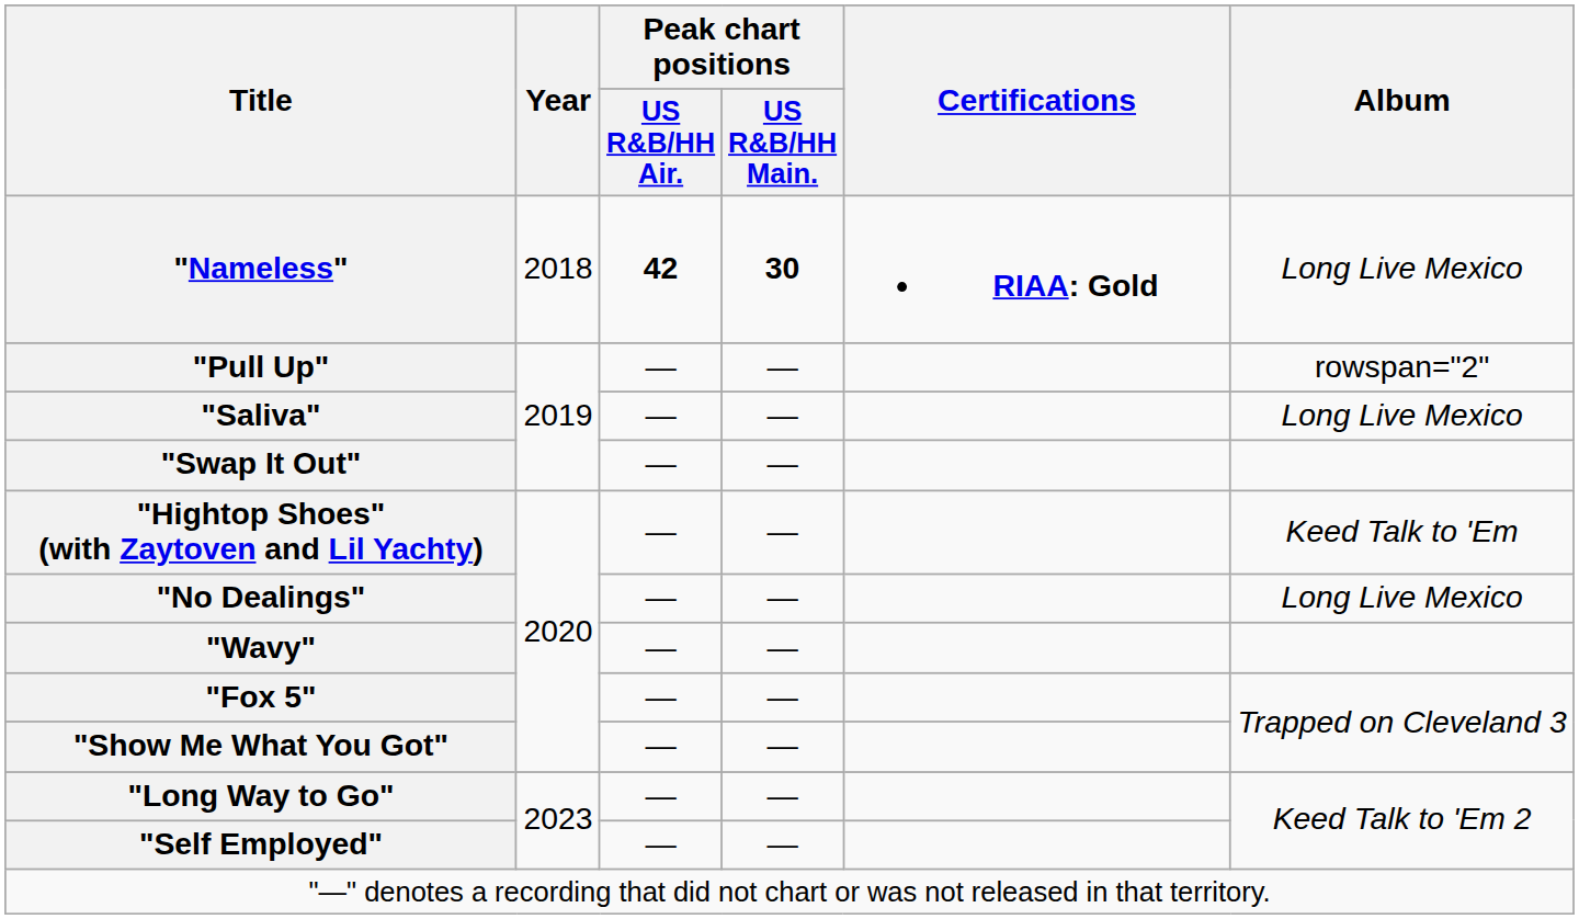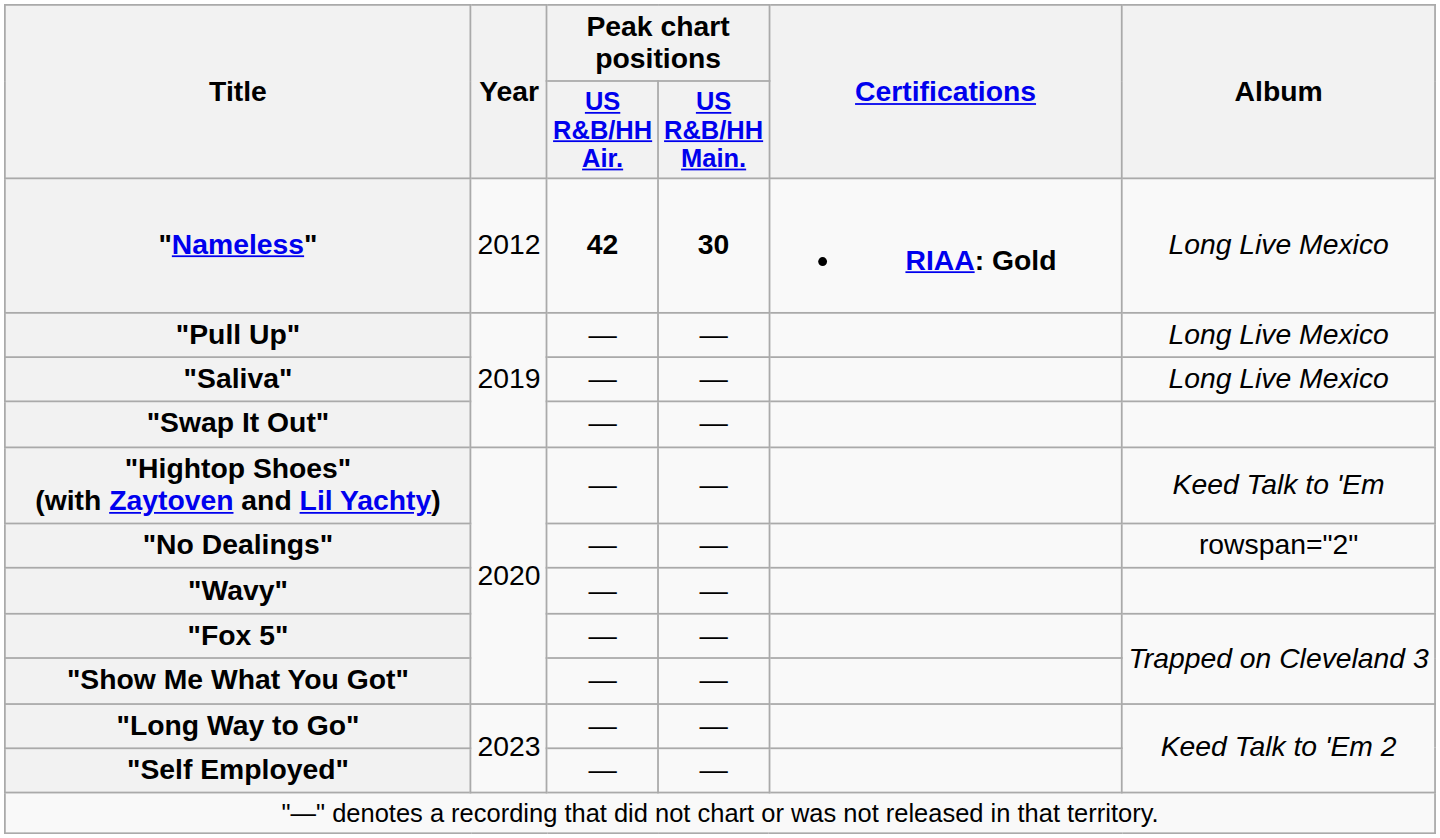 <table class="wikitable plainrowheaders" style="text-align:center;">
 <tr>
 <th scope="col" rowspan="2" style="width:16em;">Title</th>
 <th scope="col" rowspan="2">Year</th>
 <th colspan="2">Peak chart positions</th>
 <th scope="col" rowspan="2" style="width:12em;"><a href='#'>Certifications</a></th>
 <th scope="col" rowspan="2">Album</th>
 </tr>
 <tr>
 <th scope="col" style="width:3em;font-size:90%;"><a href='#'>US R&B/HH Air.</a><br></th>
 <th scope="col" style="width:3em;font-size:90%;"><a href='#'>US<br>R&B/HH<br>Main.</a><br></th>
 </tr>
 <tr>
 <th scope="row">"<a href='#'>Nameless</a>"</th>
-<td>2018</td>
+<td>2012</td>
 <td><strong>42</strong></td>
 <td><strong>30</strong></td>
 <td><strong><br><ul><li><a href='#'>RIAA</a>: Gold</li></ul></strong></td>
 <td><em>Long Live Mexico</em></td>
 </tr>
 <tr>
 <th scope="row">"Pull Up"<br></th>
 <td rowspan="3">2019</td>
 <td>—</td>
 <td>—</td>
 <td></td>
-<td>rowspan="2" </td>
+<td><em>Long Live Mexico</em></td>
 </tr>
 <tr>
 <th scope="row">"Saliva"</th>
 <td>—</td>
 <td>—</td>
 <td></td>
 <td><em>Long Live Mexico</em></td>
 </tr>
 <tr>
 <th scope="row">"Swap It Out"<br></th>
 <td>—</td>
 <td>—</td>
 <td></td>
 </tr>
 <tr>
 <th scope="row">"Hightop Shoes"<br><span>(with <a href='#'>Zaytoven</a> and <a href='#'>Lil Yachty</a>)</span></th>
 <td rowspan="5">2020</td>
 <td>—</td>
 <td>—</td>
 <td></td>
 <td><em>Keed Talk to 'Em</em></td>
 </tr>
 <tr>
 <th scope="row">"No Dealings"</th>
 <td>—</td>
 <td>—</td>
 <td></td>
-<td><em>Long Live Mexico</em></td>
+<td>rowspan="2" </td>
 </tr>
 <tr>
 <th scope="row">"Wavy"</th>
 <td>—</td>
 <td>—</td>
 <td></td>
 </tr>
 <tr>
 <th scope="row">"Fox 5"<br></th>
 <td>—</td>
 <td>—</td>
 <td></td>
 <td rowspan="2"><em>Trapped on Cleveland 3</em></td>
 </tr>
 <tr>
 <th scope="row">"Show Me What You Got"<br></th>
 <td>—</td>
 <td>—</td>
 <td></td>
 </tr>
 <tr>
 <th scope="row">"Long Way to Go"</th>
 <td rowspan="2">2023</td>
 <td>—</td>
 <td>—</td>
 <td></td>
 <td rowspan="2"><em>Keed Talk to 'Em 2</em></td>
 </tr>
 <tr>
 <th scope="row">"Self Employed"</th>
 <td>—</td>
 <td>—</td>
 <td></td>
 </tr>
 <tr>
 <td colspan="16" style="font-size:90%">"—" denotes a recording that did not chart or was not released in that territory.</td>
 </tr>
 </table>
